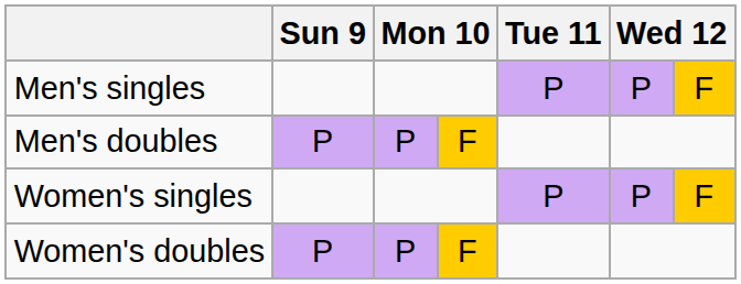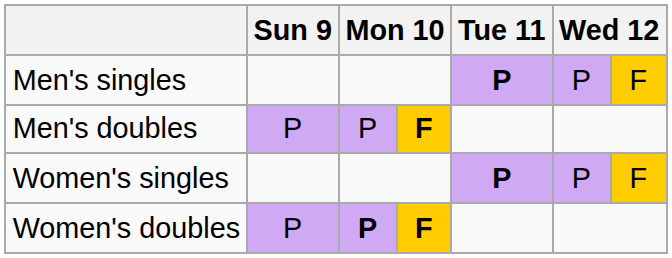 <table class="wikitable" style="margin:0.5em auto; font-size:90%; line-height:1.25em; text-align:center;">
 <tr>
 <th></th>
 <th>Sun 9</th>
 <th colspan=2>Mon 10</th>
 <th>Tue 11</th>
 <th colspan=2>Wed 12</th>
 </tr>
 <tr>
 <td align=left>Men's singles</td>
 <td></td>
 <td colspan=2></td>
-<td style="background-color:#D0A9F5;">P</td>
+<td style="background-color:#D0A9F5;"><strong>P</strong></td>
 <td style="background-color:#D0A9F5;">P</td>
 <td style="background-color:#FFCC00;">F</td>
 </tr>
 <tr>
 <td align=left>Men's doubles</td>
 <td style="background-color:#D0A9F5;">P</td>
 <td style="background-color:#D0A9F5;">P</td>
-<td style="background-color:#FFCC00;">F</td>
+<td style="background-color:#FFCC00;"><strong>F</strong></td>
 <td></td>
 <td colspan=2></td>
 </tr>
 <tr>
 <td align=left>Women's singles</td>
 <td></td>
 <td colspan=2></td>
-<td style="background-color:#D0A9F5;">P</td>
+<td style="background-color:#D0A9F5;"><strong>P</strong></td>
 <td style="background-color:#D0A9F5;">P</td>
 <td style="background-color:#FFCC00;">F</td>
 </tr>
 <tr>
 <td align=left>Women's doubles</td>
 <td style="background-color:#D0A9F5;">P</td>
-<td style="background-color:#D0A9F5;">P</td>
-<td style="background-color:#FFCC00;">F</td>
+<td style="background-color:#D0A9F5;"><strong>P</strong></td>
+<td style="background-color:#FFCC00;"><strong>F</strong></td>
 <td></td>
 <td colspan=2></td>
 </tr>
 </table>
